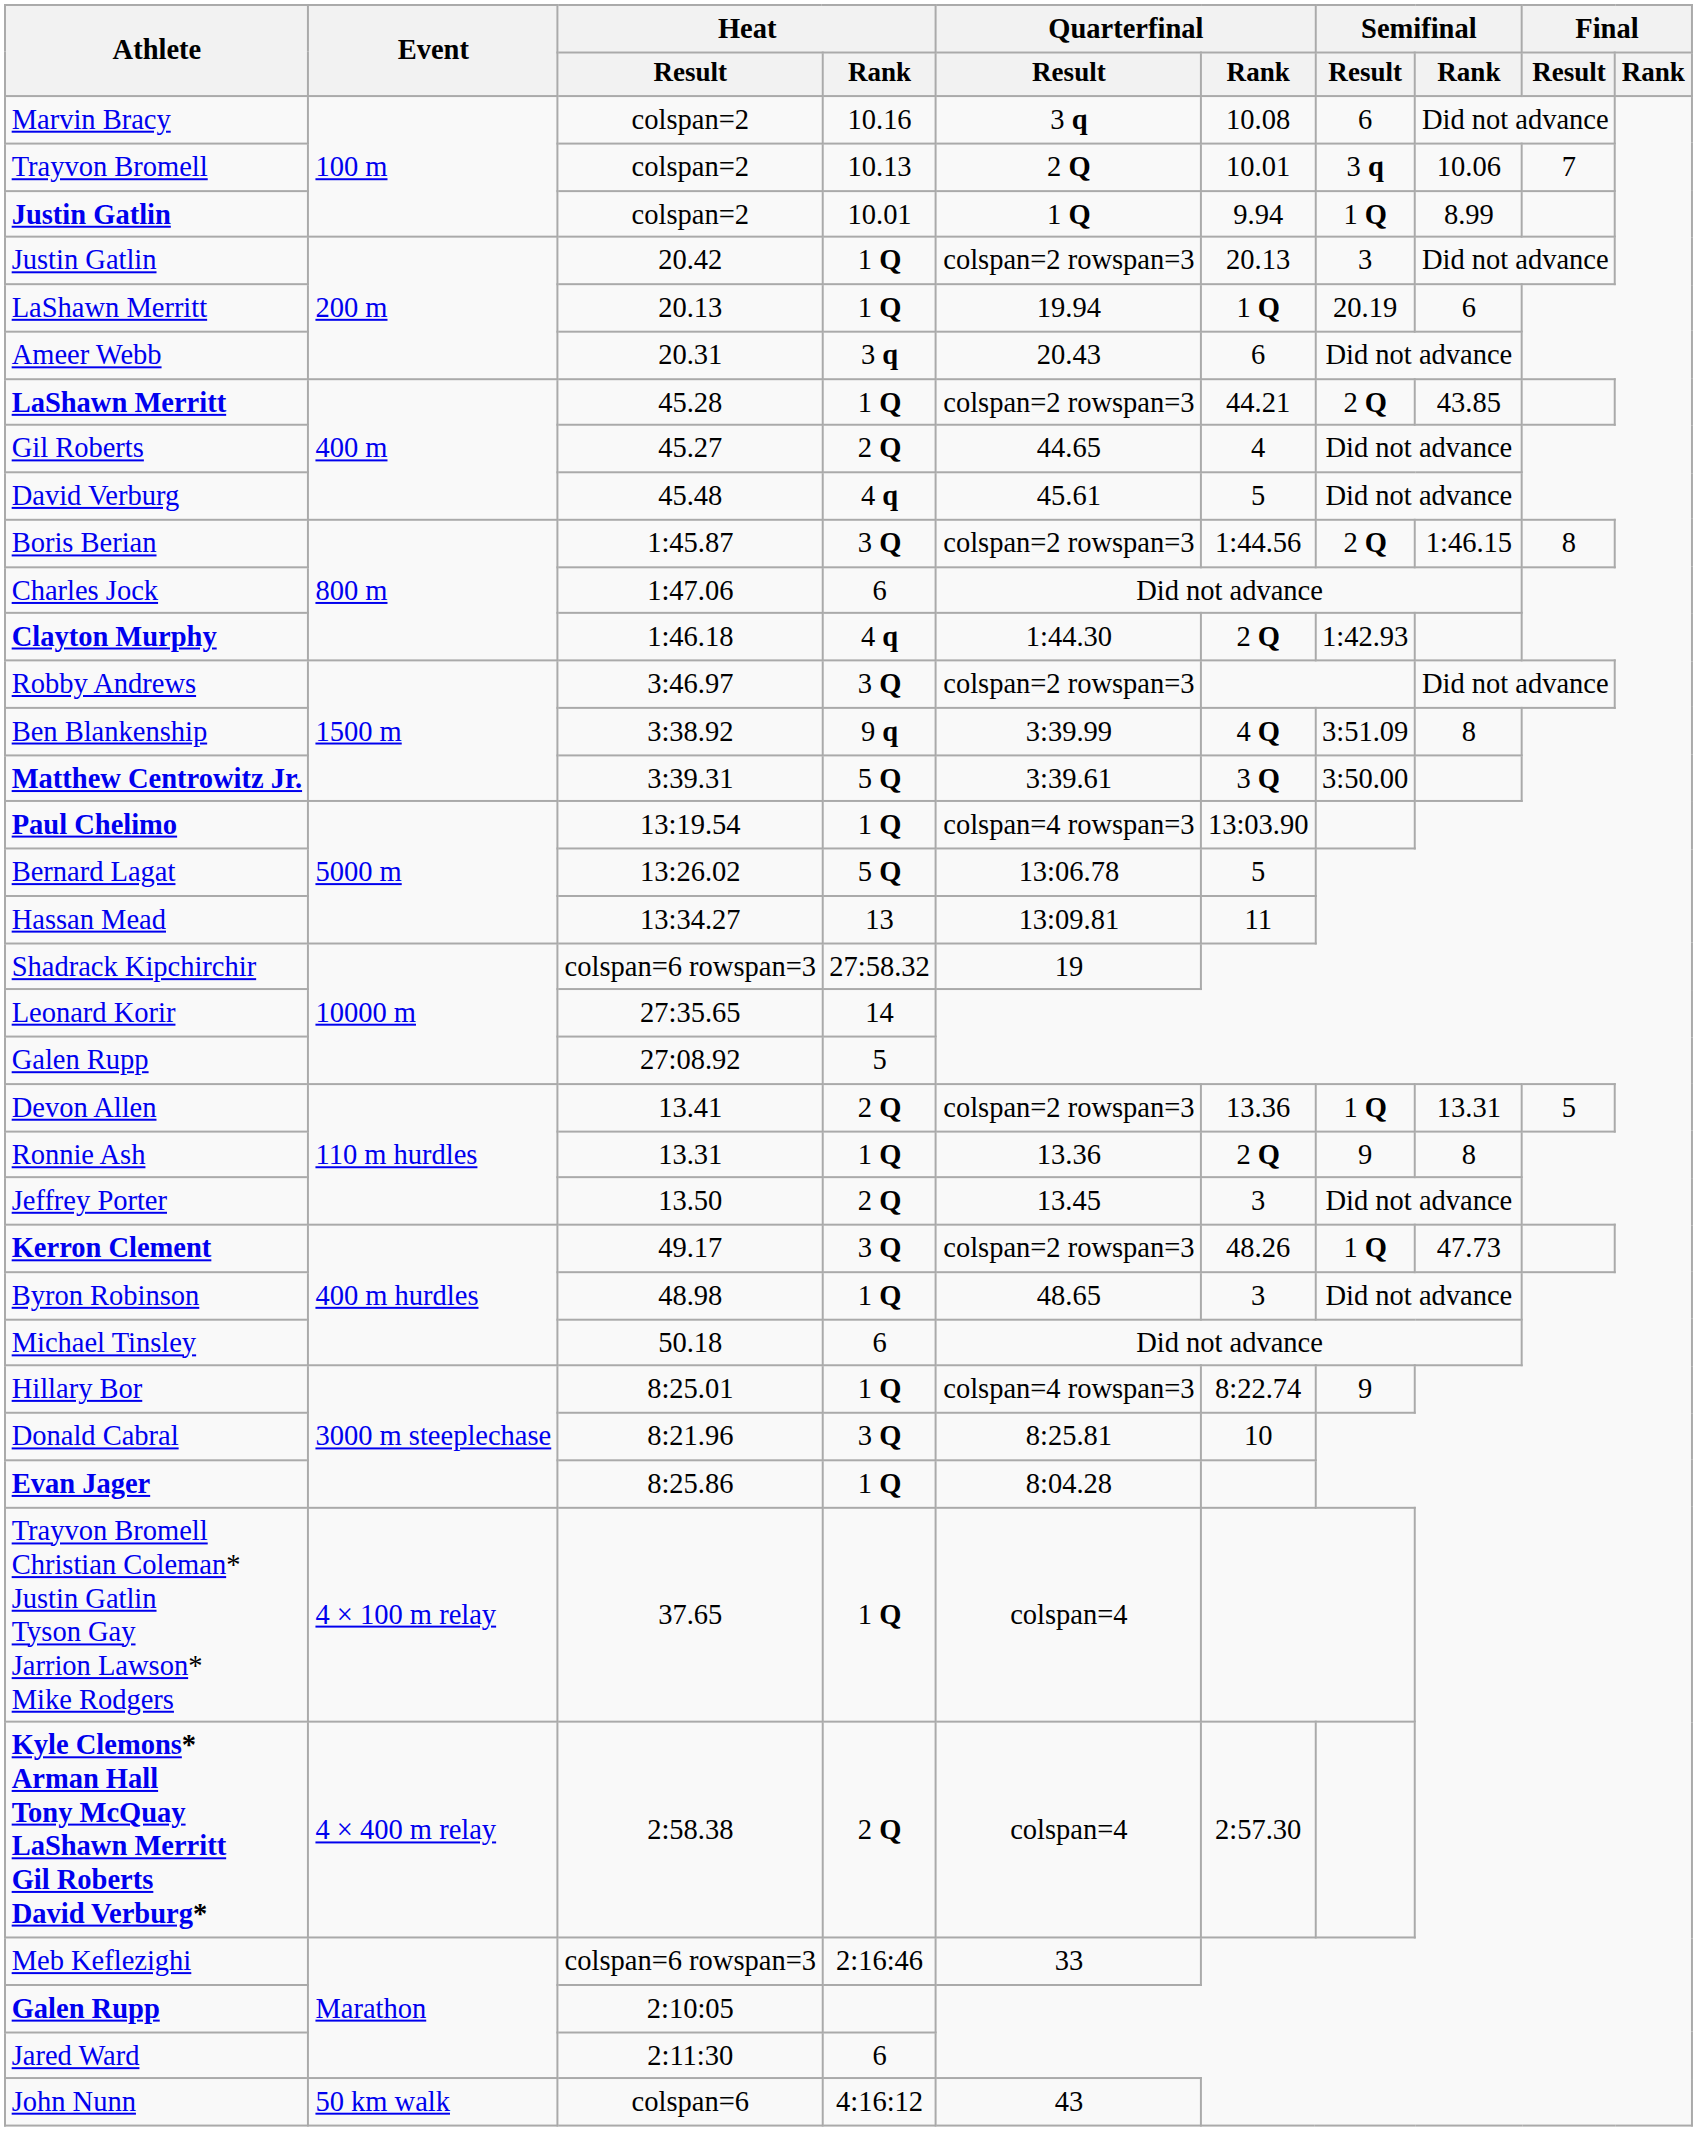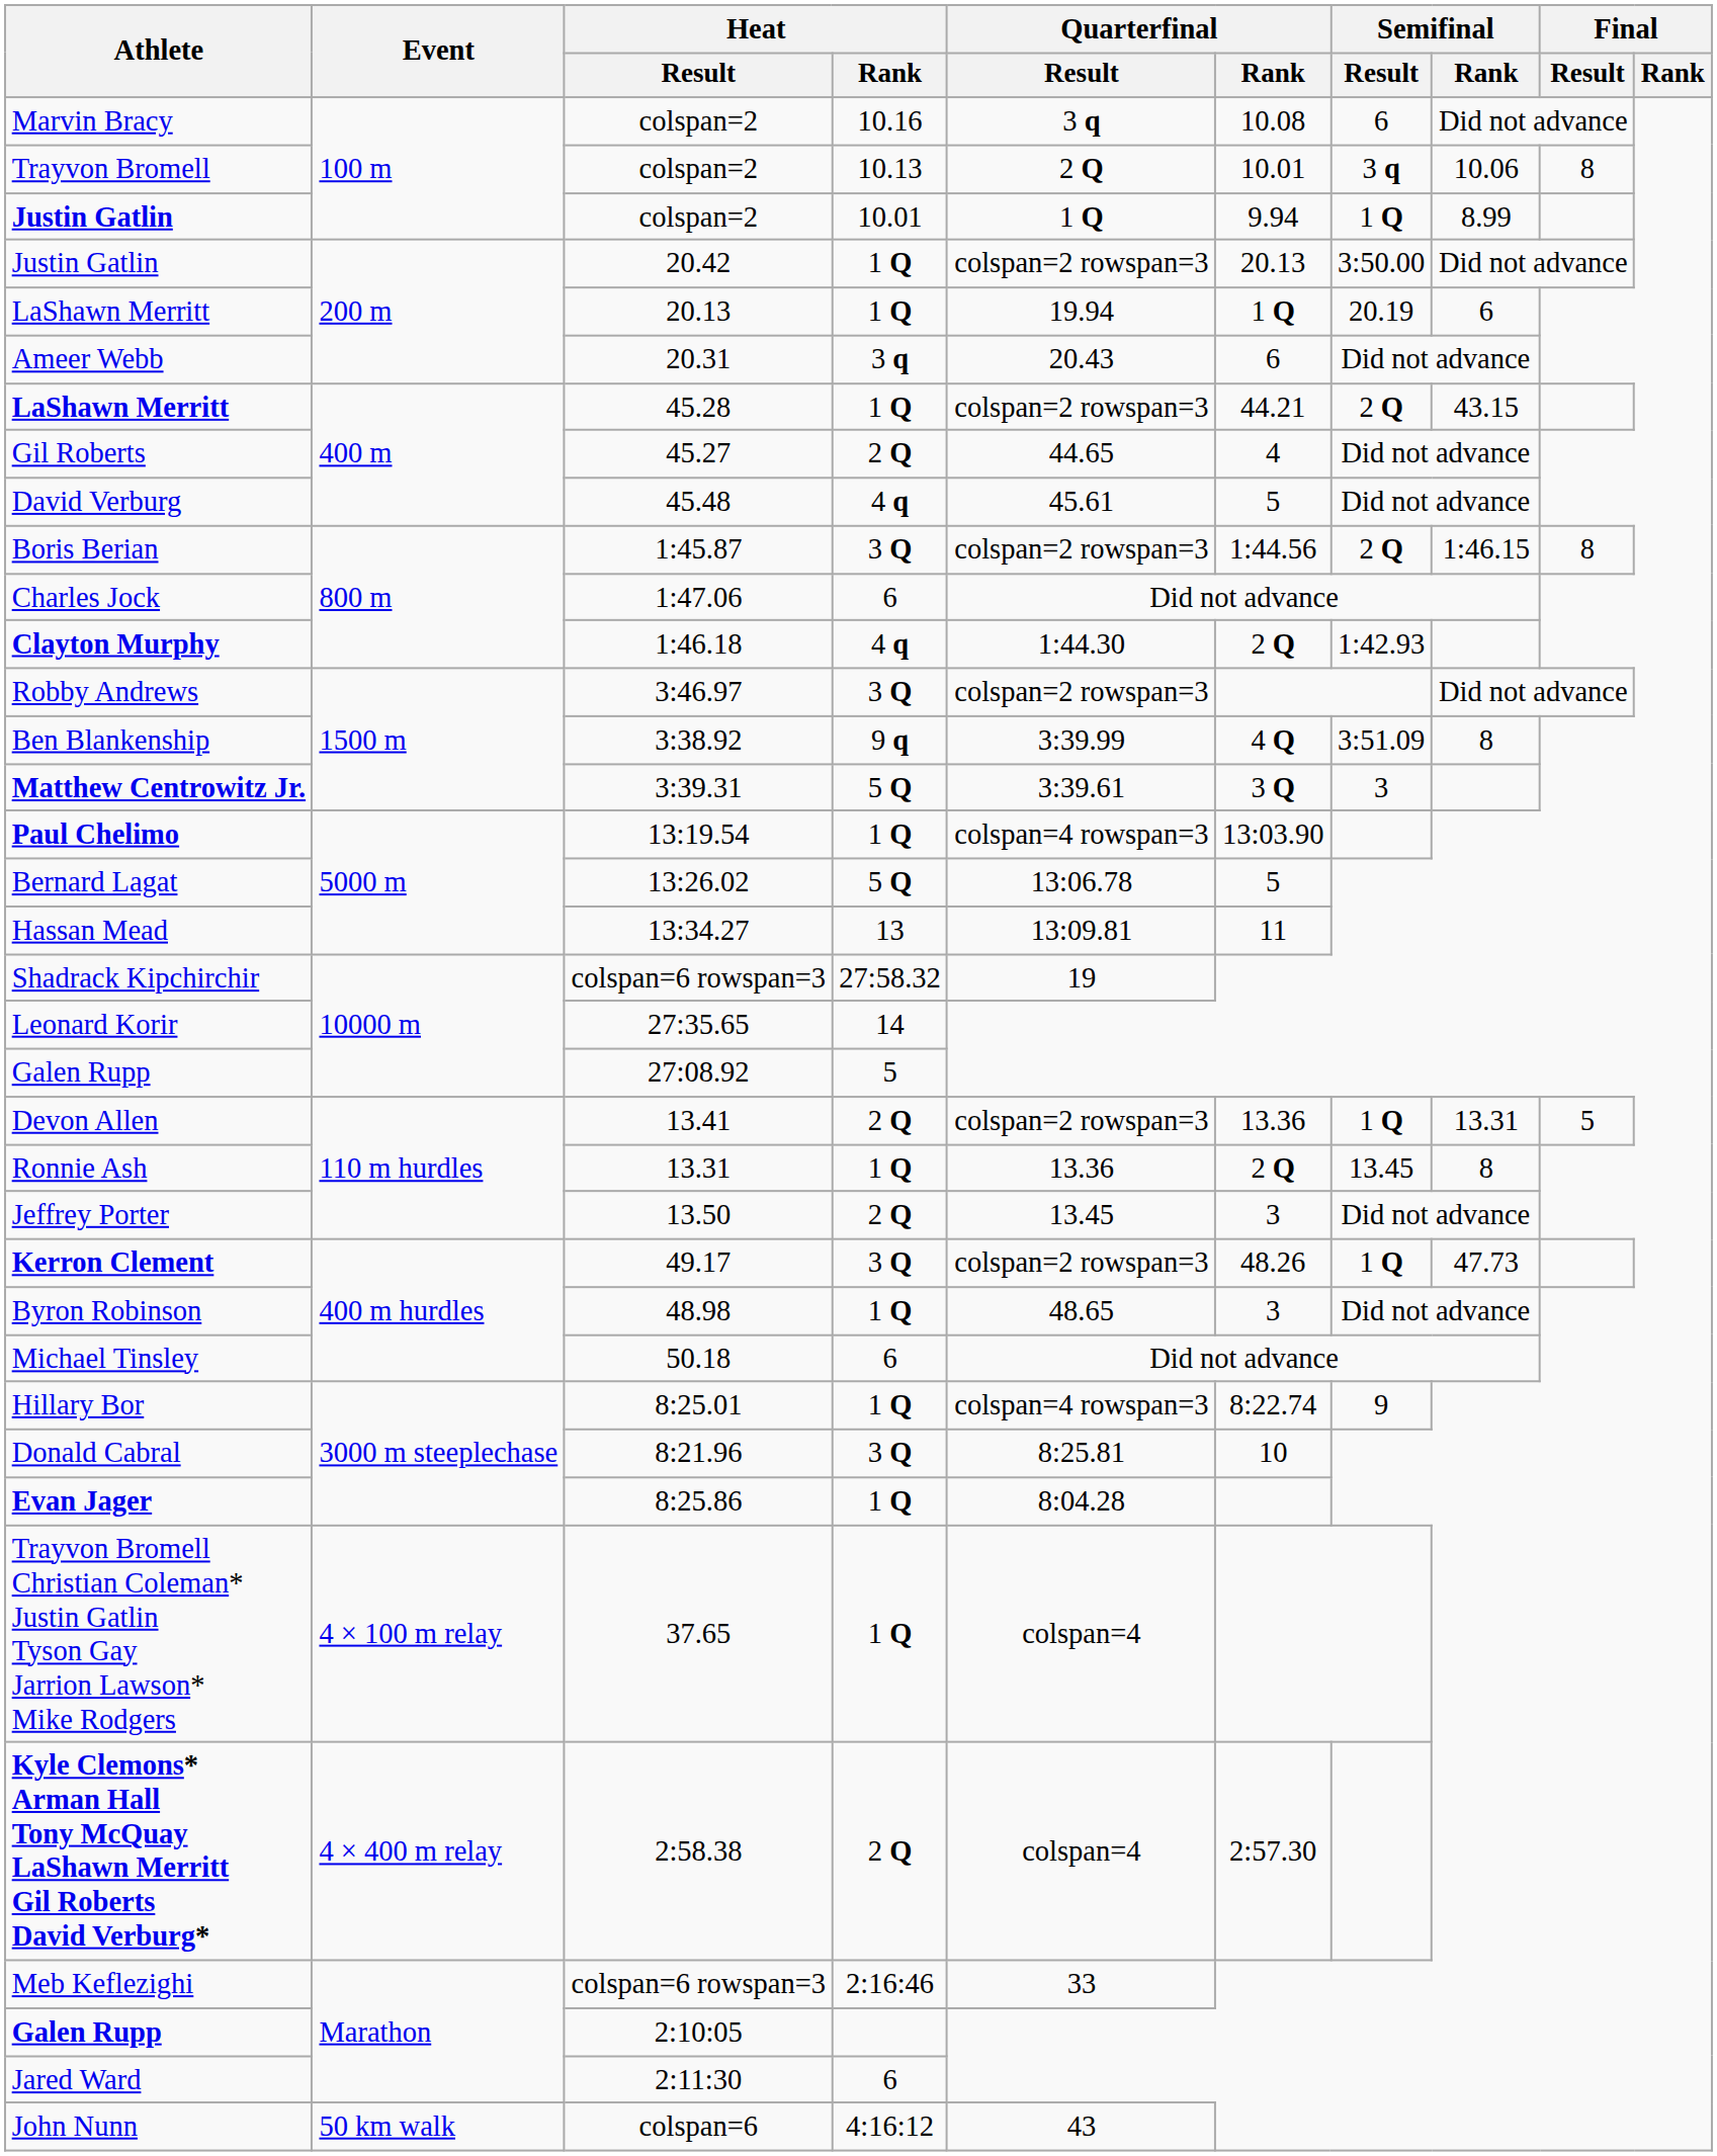 <table class=wikitable style=font-size:90%;text-align:center>
 <tr>
 <th rowspan=2>Athlete</th>
 <th rowspan=2>Event</th>
 <th colspan=2>Heat</th>
 <th colspan=2>Quarterfinal</th>
 <th colspan=2>Semifinal</th>
 <th colspan=2>Final</th>
 </tr>
 <tr style=font-size:95%>
 <th>Result</th>
 <th>Rank</th>
 <th>Result</th>
 <th>Rank</th>
 <th>Result</th>
 <th>Rank</th>
 <th>Result</th>
 <th>Rank</th>
 </tr>
 <tr>
 <td align=left><a href='#'>Marvin Bracy</a></td>
 <td align=left rowspan=3><a href='#'>100 m</a></td>
 <td>colspan=2 </td>
 <td>10.16</td>
 <td>3 <strong>q</strong></td>
 <td>10.08</td>
 <td>6</td>
 <td colspan=2>Did not advance</td>
 </tr>
 <tr>
 <td align=left><a href='#'>Trayvon Bromell</a></td>
 <td>colspan=2 </td>
 <td>10.13</td>
 <td>2 <strong>Q</strong></td>
 <td>10.01</td>
 <td>3 <strong>q</strong></td>
 <td>10.06</td>
-<td>7</td>
+<td>8</td>
 </tr>
 <tr>
 <td align=left><strong><a href='#'>Justin Gatlin</a></strong></td>
 <td>colspan=2 </td>
 <td>10.01</td>
 <td>1 <strong>Q</strong></td>
 <td>9.94</td>
 <td>1 <strong>Q</strong></td>
 <td>8.99</td>
 <td></td>
 </tr>
 <tr>
 <td align=left><a href='#'>Justin Gatlin</a></td>
 <td align=left rowspan=3><a href='#'>200 m</a></td>
 <td>20.42</td>
 <td>1 <strong>Q</strong></td>
 <td>colspan=2 rowspan=3 </td>
 <td>20.13</td>
-<td>3</td>
+<td>3:50.00</td>
 <td colspan=2>Did not advance</td>
 </tr>
 <tr>
 <td align=left><a href='#'>LaShawn Merritt</a></td>
 <td>20.13</td>
 <td>1 <strong>Q</strong></td>
 <td>19.94</td>
 <td>1 <strong>Q</strong></td>
 <td>20.19</td>
 <td>6</td>
 </tr>
 <tr>
 <td align=left><a href='#'>Ameer Webb</a></td>
 <td>20.31</td>
 <td>3 <strong>q</strong></td>
 <td>20.43</td>
 <td>6</td>
 <td colspan=2>Did not advance</td>
 </tr>
 <tr>
 <td align=left><strong><a href='#'>LaShawn Merritt</a></strong></td>
 <td align=left rowspan=3><a href='#'>400 m</a></td>
 <td>45.28</td>
 <td>1 <strong>Q</strong></td>
 <td>colspan=2 rowspan=3 </td>
 <td>44.21</td>
 <td>2 <strong>Q</strong></td>
-<td>43.85</td>
+<td>43.15</td>
 <td></td>
 </tr>
 <tr>
 <td align=left><a href='#'>Gil Roberts</a></td>
 <td>45.27</td>
 <td>2 <strong>Q</strong></td>
 <td>44.65</td>
 <td>4</td>
 <td colspan=2>Did not advance</td>
 </tr>
 <tr>
 <td align=left><a href='#'>David Verburg</a></td>
 <td>45.48</td>
 <td>4 <strong>q</strong></td>
 <td>45.61</td>
 <td>5</td>
 <td colspan=2>Did not advance</td>
 </tr>
 <tr>
 <td align=left><a href='#'>Boris Berian</a></td>
 <td align=left rowspan=3><a href='#'>800 m</a></td>
 <td>1:45.87</td>
 <td>3 <strong>Q</strong></td>
 <td>colspan=2 rowspan=3 </td>
 <td>1:44.56</td>
 <td>2 <strong>Q</strong></td>
 <td>1:46.15</td>
 <td>8</td>
 </tr>
 <tr>
 <td align=left><a href='#'>Charles Jock</a></td>
 <td>1:47.06</td>
 <td>6</td>
 <td colspan=4>Did not advance</td>
 </tr>
 <tr>
 <td align=left><strong><a href='#'>Clayton Murphy</a></strong></td>
 <td>1:46.18</td>
 <td>4 <strong>q</strong></td>
 <td>1:44.30</td>
 <td>2 <strong>Q</strong></td>
 <td>1:42.93</td>
 <td></td>
 </tr>
 <tr>
 <td align=left><a href='#'>Robby Andrews</a></td>
 <td align=left rowspan=3><a href='#'>1500 m</a></td>
 <td>3:46.97</td>
 <td>3 <strong>Q</strong></td>
 <td>colspan=2 rowspan=3 </td>
 <td colspan=2></td>
 <td colspan=2>Did not advance</td>
 </tr>
 <tr>
 <td align=left><a href='#'>Ben Blankenship</a></td>
 <td>3:38.92</td>
 <td>9 <strong>q</strong></td>
 <td>3:39.99</td>
 <td>4 <strong>Q</strong></td>
 <td>3:51.09</td>
 <td>8</td>
 </tr>
 <tr>
 <td align=left><strong><a href='#'>Matthew Centrowitz Jr.</a></strong></td>
 <td>3:39.31</td>
 <td>5 <strong>Q</strong></td>
 <td>3:39.61</td>
 <td>3 <strong>Q</strong></td>
-<td>3:50.00</td>
+<td>3</td>
 <td></td>
 </tr>
 <tr>
 <td align=left><strong><a href='#'>Paul Chelimo</a></strong></td>
 <td align=left rowspan=3><a href='#'>5000 m</a></td>
 <td>13:19.54</td>
 <td>1 <strong>Q</strong></td>
 <td>colspan=4 rowspan=3 </td>
 <td>13:03.90</td>
 <td></td>
 </tr>
 <tr>
 <td align=left><a href='#'>Bernard Lagat</a></td>
 <td>13:26.02</td>
 <td>5 <strong>Q</strong></td>
 <td>13:06.78</td>
 <td>5</td>
 </tr>
 <tr>
 <td align=left><a href='#'>Hassan Mead</a></td>
 <td>13:34.27</td>
 <td>13</td>
 <td>13:09.81</td>
 <td>11</td>
 </tr>
 <tr>
 <td align=left><a href='#'>Shadrack Kipchirchir</a></td>
 <td align=left rowspan=3><a href='#'>10000 m</a></td>
 <td>colspan=6 rowspan=3 </td>
 <td>27:58.32</td>
 <td>19</td>
 </tr>
 <tr>
 <td align=left><a href='#'>Leonard Korir</a></td>
 <td>27:35.65</td>
 <td>14</td>
 </tr>
 <tr>
 <td align=left><a href='#'>Galen Rupp</a></td>
 <td>27:08.92</td>
 <td>5</td>
 </tr>
 <tr>
 <td align=left><a href='#'>Devon Allen</a></td>
 <td align=left rowspan=3><a href='#'>110 m hurdles</a></td>
 <td>13.41</td>
 <td>2 <strong>Q</strong></td>
 <td>colspan=2 rowspan=3 </td>
 <td>13.36</td>
 <td>1 <strong>Q</strong></td>
 <td>13.31</td>
 <td>5</td>
 </tr>
 <tr>
 <td align=left><a href='#'>Ronnie Ash</a></td>
 <td>13.31</td>
 <td>1 <strong>Q</strong></td>
 <td>13.36</td>
 <td>2 <strong>Q</strong></td>
-<td>9</td>
+<td>13.45</td>
 <td>8</td>
 </tr>
 <tr>
 <td align=left><a href='#'>Jeffrey Porter</a></td>
 <td>13.50</td>
 <td>2 <strong>Q</strong></td>
 <td>13.45</td>
 <td>3</td>
 <td colspan=2>Did not advance</td>
 </tr>
 <tr>
 <td align=left><strong><a href='#'>Kerron Clement</a></strong></td>
 <td align=left rowspan=3><a href='#'>400 m hurdles</a></td>
 <td>49.17</td>
 <td>3 <strong>Q</strong></td>
 <td>colspan=2 rowspan=3 </td>
 <td>48.26</td>
 <td>1 <strong>Q</strong></td>
 <td>47.73</td>
 <td></td>
 </tr>
 <tr>
 <td align=left><a href='#'>Byron Robinson</a></td>
 <td>48.98</td>
 <td>1 <strong>Q</strong></td>
 <td>48.65</td>
 <td>3</td>
 <td colspan=2>Did not advance</td>
 </tr>
 <tr>
 <td align=left><a href='#'>Michael Tinsley</a></td>
 <td>50.18</td>
 <td>6</td>
 <td colspan=4>Did not advance</td>
 </tr>
 <tr>
 <td align=left><a href='#'>Hillary Bor</a></td>
 <td align=left rowspan=3><a href='#'>3000 m steeplechase</a></td>
 <td>8:25.01</td>
 <td>1 <strong>Q</strong></td>
 <td>colspan=4 rowspan=3 </td>
 <td>8:22.74</td>
 <td>9</td>
 </tr>
 <tr>
 <td align=left><a href='#'>Donald Cabral</a></td>
 <td>8:21.96</td>
 <td>3 <strong>Q</strong></td>
 <td>8:25.81</td>
 <td>10</td>
 </tr>
 <tr>
 <td align=left><strong><a href='#'>Evan Jager</a></strong></td>
 <td>8:25.86</td>
 <td>1 <strong>Q</strong></td>
 <td>8:04.28</td>
 <td></td>
 </tr>
 <tr>
 <td align=left><a href='#'>Trayvon Bromell</a><br><a href='#'>Christian Coleman</a>*<br><a href='#'>Justin Gatlin</a><br><a href='#'>Tyson Gay</a><br><a href='#'>Jarrion Lawson</a>*<br><a href='#'>Mike Rodgers</a></td>
 <td align=left><a href='#'>4 × 100 m relay</a></td>
 <td>37.65</td>
 <td>1 <strong>Q</strong></td>
 <td>colspan=4 </td>
 <td colspan=2></td>
 </tr>
 <tr>
 <td align=left><strong><a href='#'>Kyle Clemons</a>*<br><a href='#'>Arman Hall</a><br><a href='#'>Tony McQuay</a><br><a href='#'>LaShawn Merritt</a><br><a href='#'>Gil Roberts</a><br><a href='#'>David Verburg</a>*</strong></td>
 <td align=left><a href='#'>4 × 400 m relay</a></td>
 <td>2:58.38</td>
 <td>2 <strong>Q</strong></td>
 <td>colspan=4 </td>
 <td>2:57.30</td>
 <td></td>
 </tr>
 <tr>
 <td align=left><a href='#'>Meb Keflezighi</a></td>
 <td align=left rowspan=3><a href='#'>Marathon</a></td>
 <td>colspan=6 rowspan=3 </td>
 <td>2:16:46</td>
 <td>33</td>
 </tr>
 <tr>
 <td align=left><strong><a href='#'>Galen Rupp</a></strong></td>
 <td>2:10:05</td>
 <td></td>
 </tr>
 <tr>
 <td align=left><a href='#'>Jared Ward</a></td>
 <td>2:11:30</td>
 <td>6</td>
 </tr>
 <tr>
 <td align=left><a href='#'>John Nunn</a></td>
 <td align=left><a href='#'>50 km walk</a></td>
 <td>colspan=6 </td>
 <td>4:16:12</td>
 <td>43</td>
 </tr>
 </table>
